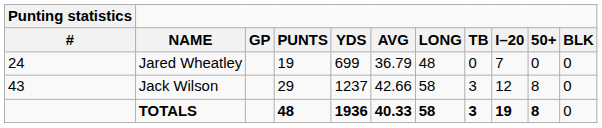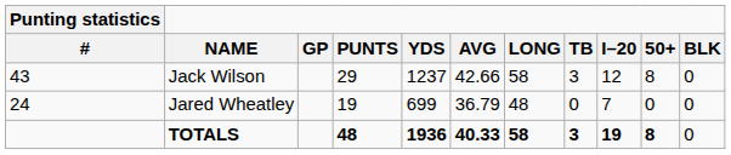 <table class="wikitable collapsible">
 <tr>
 <th style="text-align:center; ">Punting statistics</th>
 </tr>
 <tr>
 <th>#</th>
 <th>NAME</th>
 <th>GP</th>
 <th>PUNTS</th>
 <th>YDS</th>
 <th>AVG</th>
 <th>LONG</th>
 <th>TB</th>
 <th>I–20</th>
 <th>50+</th>
 <th>BLK</th>
 </tr>
 <tr>
+<td>43</td>
+<td>Jack Wilson</td>
+<td></td>
+<td>29</td>
+<td>1237</td>
+<td>42.66</td>
+<td>58</td>
+<td>3</td>
+<td>12</td>
+<td>8</td>
+<td>0</td>
+</tr>
+<tr>
 <td>24</td>
 <td>Jared Wheatley</td>
 <td></td>
 <td>19</td>
 <td>699</td>
 <td>36.79</td>
 <td>48</td>
 <td>0</td>
 <td>7</td>
 <td>0</td>
-<td>0</td>
-</tr>
-<tr>
-<td>43</td>
-<td>Jack Wilson</td>
-<td></td>
-<td>29</td>
-<td>1237</td>
-<td>42.66</td>
-<td>58</td>
-<td>3</td>
-<td>12</td>
-<td>8</td>
 <td>0</td>
 </tr>
 <tr>
 <td></td>
 <td><strong>TOTALS</strong></td>
 <td></td>
 <td><strong>48</strong></td>
 <td><strong>1936</strong></td>
 <td><strong>40.33</strong></td>
 <td><strong>58</strong></td>
 <td><strong>3</strong></td>
 <td><strong>19</strong></td>
 <td><strong>8</strong></td>
 <td>0</td>
 </tr>
 </table>
